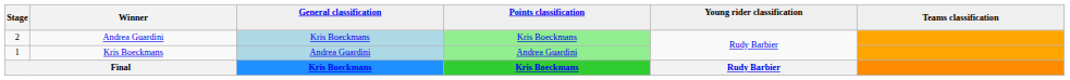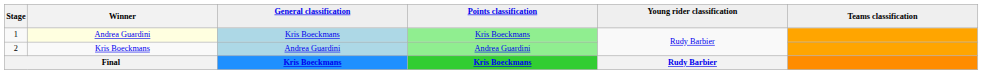 <table class="wikitable" style="text-align: center; font-size:smaller;">
 <tr style="background-color: #efefef;">
 <th width="1%">Stage</th>
 <th width="19.8%">Winner</th>
 <th style="background:#EFEFEF;" width="19.8%"><a href='#'>General classification</a><br><br></th>
 <th style="background:#EFEFEF;" width="19.8%"><a href='#'>Points classification</a><br><br></th>
 <th style="background:#EFEFEF;" width="19.8%">Young rider classification<br><br></th>
 <th style="background:#EFEFEF;" width="19.8%">Teams classification</th>
 </tr>
 <tr>
-<td>2</td>
-<td><a href='#'>Andrea Guardini</a></td>
+<td>1</td>
+<td style="background: lightyellow;"><a href='#'>Andrea Guardini</a></td>
 <td style="background:lightblue;"><a href='#'>Kris Boeckmans</a></td>
 <td style="background:lightgreen;"><a href='#'>Kris Boeckmans</a></td>
 <td style="background:offwhite;" rowspan=2><a href='#'>Rudy Barbier</a></td>
 <td style="background:orange;"></td>
 </tr>
 <tr>
-<td>1</td>
+<td>2</td>
 <td><a href='#'>Kris Boeckmans</a></td>
 <td style="background:lightblue;"><a href='#'>Andrea Guardini</a></td>
 <td style="background:lightgreen;"><a href='#'>Andrea Guardini</a></td>
 <td style="background:orange;"></td>
 </tr>
 <tr>
 <th colspan=2>Final</th>
 <th style="background:dodgerblue;"><a href='#'>Kris Boeckmans</a></th>
 <th style="background:limegreen;"><a href='#'>Kris Boeckmans</a></th>
 <th style="background:offwhite;"><a href='#'>Rudy Barbier</a></th>
 <th style="background:#FF8C00;"></th>
 </tr>
 </table>
